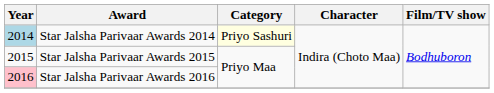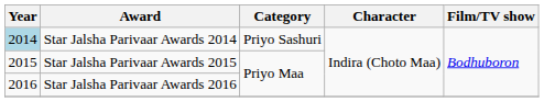 <table class="wikitable sortable">
 <tr>
 <th>Year</th>
 <th>Award</th>
 <th>Category</th>
 <th>Character</th>
 <th>Film/TV show</th>
 </tr>
 <tr>
 <td style="background: lightblue;">2014</td>
 <td>Star Jalsha Parivaar Awards 2014</td>
-<td style="background: lightyellow;">Priyo Sashuri</td>
+<td>Priyo Sashuri</td>
 <td rowspan="3">Indira (Choto Maa)</td>
 <td rowspan="3"><em><a href='#'>Bodhuboron</a></em></td>
 </tr>
 <tr>
 <td>2015</td>
 <td>Star Jalsha Parivaar Awards 2015</td>
 <td rowspan="2">Priyo Maa</td>
 </tr>
 <tr>
-<td style="background: pink;">2016</td>
+<td>2016</td>
 <td>Star Jalsha Parivaar Awards 2016</td>
 </tr>
 <tr>
 </tr>
 </table>
